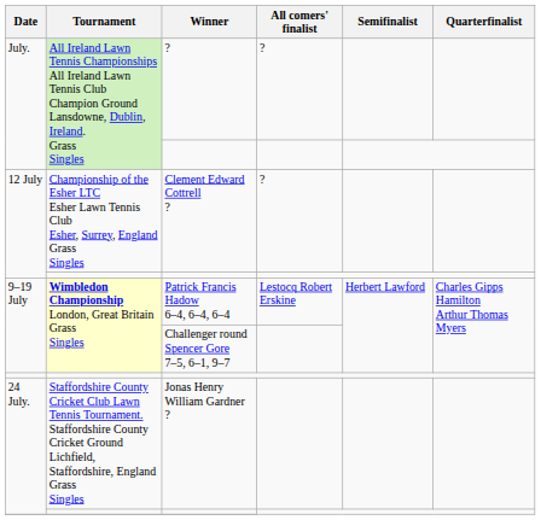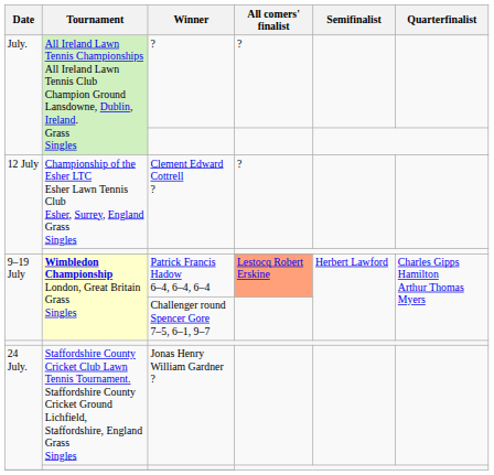 <table class="wikitable" style="font-size:85%;">
 <tr>
 <th width="75">Date</th>
 <th width="230">Tournament</th>
 <th width="210">Winner</th>
 <th width="210">All comers' finalist</th>
 <th width="170">Semifinalist</th>
 <th width="170">Quarterfinalist</th>
 </tr>
 <tr valign=top>
 <td rowspan=2>July.</td>
 <td style="background:#d0f0c0" rowspan="2"><a href='#'>All Ireland Lawn Tennis Championships</a><br>All Ireland Lawn Tennis Club<br>Champion Ground<br>Lansdowne, <a href='#'>Dublin</a>, <a href='#'>Ireland</a>.<br>Grass<br><a href='#'>Singles</a></td>
 <td>? <br></td>
 <td>?</td>
 <td></td>
 <td></td>
 </tr>
 <tr valign=top>
 <td></td>
 <td></td>
 </tr>
 <tr valign=top>
 <td rowspan=2>12 July</td>
 <td><a href='#'>Championship of the Esher LTC</a><br>	Esher Lawn Tennis Club<br><a href='#'>Esher</a>, <a href='#'>Surrey</a>, <a href='#'>England</a><br>Grass<br><a href='#'>Singles</a></td>
 <td> <a href='#'>Clement Edward Cottrell</a> <br>?</td>
 <td>?</td>
 <td></td>
 <td></td>
 </tr>
 <tr valign=top>
 <td></td>
 <td></td>
 </tr>
 <tr valign=top>
 <td rowspan=2>9–19 July</td>
 <td style="background:#ffc;" rowspan=2><strong><a href='#'>Wimbledon Championship</a></strong><br>London, Great Britain<br>Grass<br><a href='#'>Singles</a></td>
 <td> <a href='#'>Patrick Francis Hadow</a><br>6–4, 6–4, 6–4</td>
-<td> <a href='#'>Lestocq Robert Erskine</a></td>
+<td style="background: lightsalmon;"> <a href='#'>Lestocq Robert Erskine</a></td>
 <td rowspan=2> <a href='#'>Herbert Lawford</a><br></td>
 <td rowspan=2> <a href='#'>Charles Gipps Hamilton</a><br> <a href='#'>Arthur Thomas Myers</a></td>
 </tr>
 <tr valign=top>
 <td>Challenger round<br> <a href='#'>Spencer Gore</a><br>7–5, 6–1, 9–7</td>
 <td></td>
 </tr>
 <tr valign=top>
 <td></td>
 <td></td>
 </tr>
 <tr valign=top>
 <td rowspan=2>24 July.</td>
 <td><a href='#'>Staffordshire County Cricket Club Lawn Tennis Tournament.</a><br>Staffordshire County Cricket Ground<br>Lichfield, Staffordshire, England<br>Grass<br><a href='#'>Singles</a></td>
 <td> Jonas Henry William Gardner<br>?</td>
 <td></td>
 <td></td>
 <td></td>
 </tr>
 <tr valign=top>
 <td></td>
 <td></td>
 </tr>
 <tr valign=top>
 </tr>
 </table>
